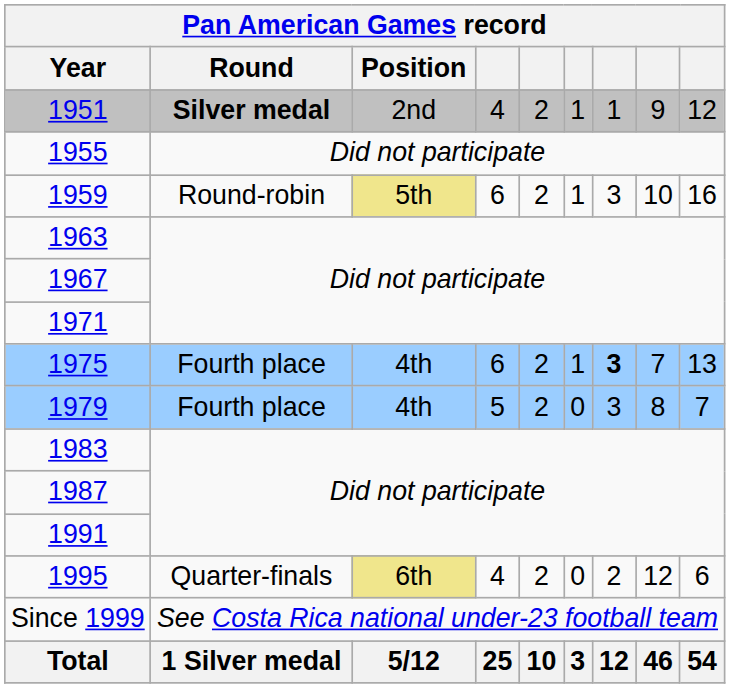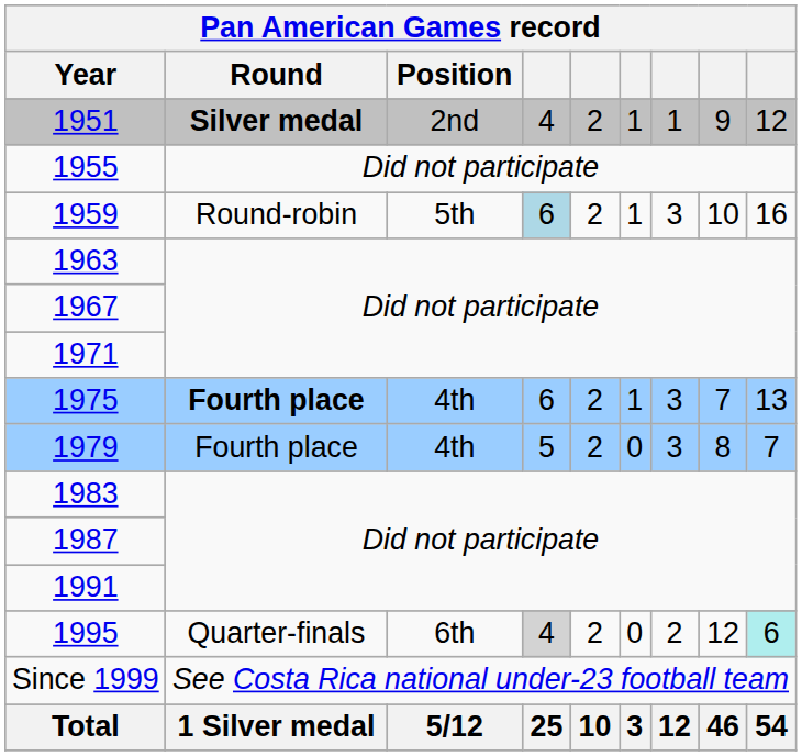 <table class="wikitable" style="text-align:center">
 <tr>
 <th colspan=9><a href='#'>Pan American Games</a> record</th>
 </tr>
 <tr>
 <th>Year</th>
 <th>Round</th>
 <th>Position</th>
 <th></th>
 <th></th>
 <th></th>
 <th></th>
 <th></th>
 <th></th>
 </tr>
 <tr style="background:Silver;">
 <td> <a href='#'>1951</a></td>
 <td><strong>Silver medal</strong></td>
 <td>2nd</td>
 <td>4</td>
 <td>2</td>
 <td>1</td>
 <td>1</td>
 <td>9</td>
 <td>12</td>
 </tr>
 <tr>
 <td> <a href='#'>1955</a></td>
 <td colspan=8><em>Did not participate</em></td>
 </tr>
 <tr>
 <td> <a href='#'>1959</a></td>
 <td>Round-robin</td>
-<td style="background: khaki;">5th</td>
-<td>6</td>
+<td>5th</td>
+<td style="background: lightblue;">6</td>
 <td>2</td>
 <td>1</td>
 <td>3</td>
 <td>10</td>
 <td>16</td>
 </tr>
 <tr>
 <td> <a href='#'>1963</a></td>
 <td colspan=8 rowspan=3><em>Did not participate</em></td>
 </tr>
 <tr>
 <td> <a href='#'>1967</a></td>
 </tr>
 <tr>
 <td> <a href='#'>1971</a></td>
 </tr>
 <tr style="background:#9acdff;">
 <td> <a href='#'>1975</a></td>
-<td>Fourth place</td>
+<td><strong>Fourth place</strong></td>
 <td>4th</td>
 <td>6</td>
 <td>2</td>
 <td>1</td>
-<td><strong>3</strong></td>
+<td>3</td>
 <td>7</td>
 <td>13</td>
 </tr>
 <tr style="background:#9acdff;">
 <td> <a href='#'>1979</a></td>
 <td>Fourth place</td>
 <td>4th</td>
 <td>5</td>
 <td>2</td>
 <td>0</td>
 <td>3</td>
 <td>8</td>
 <td>7</td>
 </tr>
 <tr>
 <td> <a href='#'>1983</a></td>
 <td colspan=8 rowspan=3><em>Did not participate</em></td>
 </tr>
 <tr>
 <td> <a href='#'>1987</a></td>
 </tr>
 <tr>
 <td> <a href='#'>1991</a></td>
 </tr>
 <tr>
 <td> <a href='#'>1995</a></td>
 <td>Quarter-finals</td>
-<td style="background: khaki;">6th</td>
-<td>4</td>
+<td>6th</td>
+<td style="background: lightgrey;">4</td>
 <td>2</td>
 <td>0</td>
 <td>2</td>
 <td>12</td>
-<td>6</td>
+<td style="background: paleturquoise;">6</td>
 </tr>
 <tr>
 <td>Since <a href='#'>1999</a></td>
 <td colspan=8><em>See <a href='#'>Costa Rica national under-23 football team</a></em></td>
 </tr>
 <tr>
 <th>Total</th>
 <th>1 Silver medal</th>
 <th>5/12</th>
 <th>25</th>
 <th>10</th>
 <th>3</th>
 <th>12</th>
 <th>46</th>
 <th>54</th>
 </tr>
 </table>
